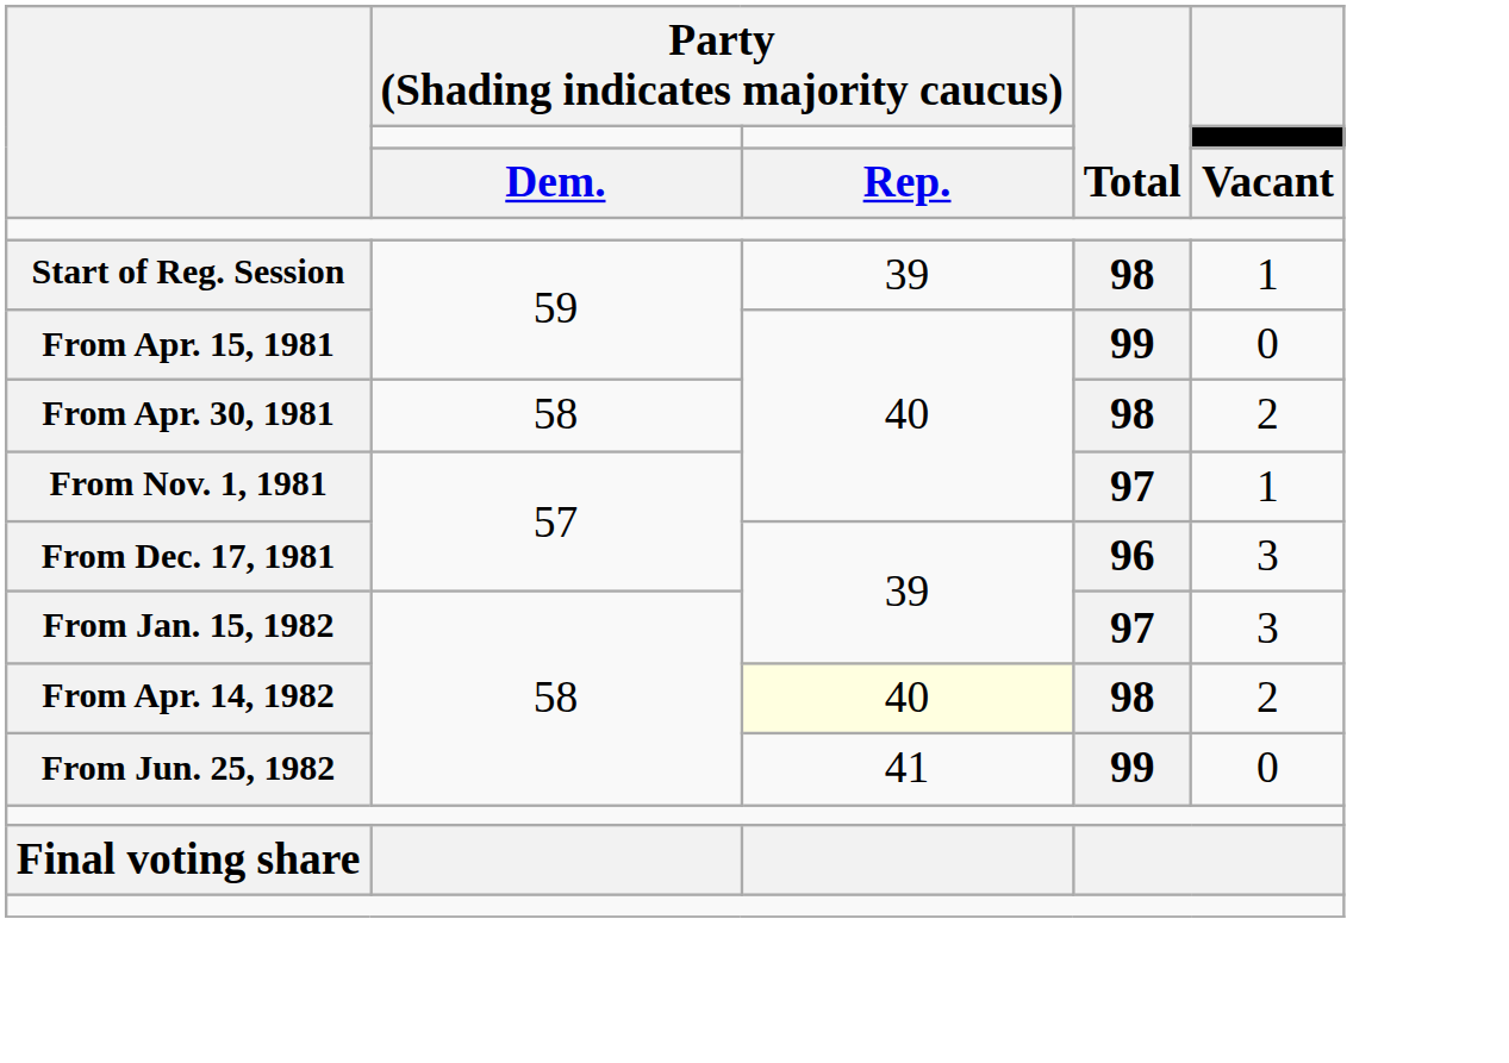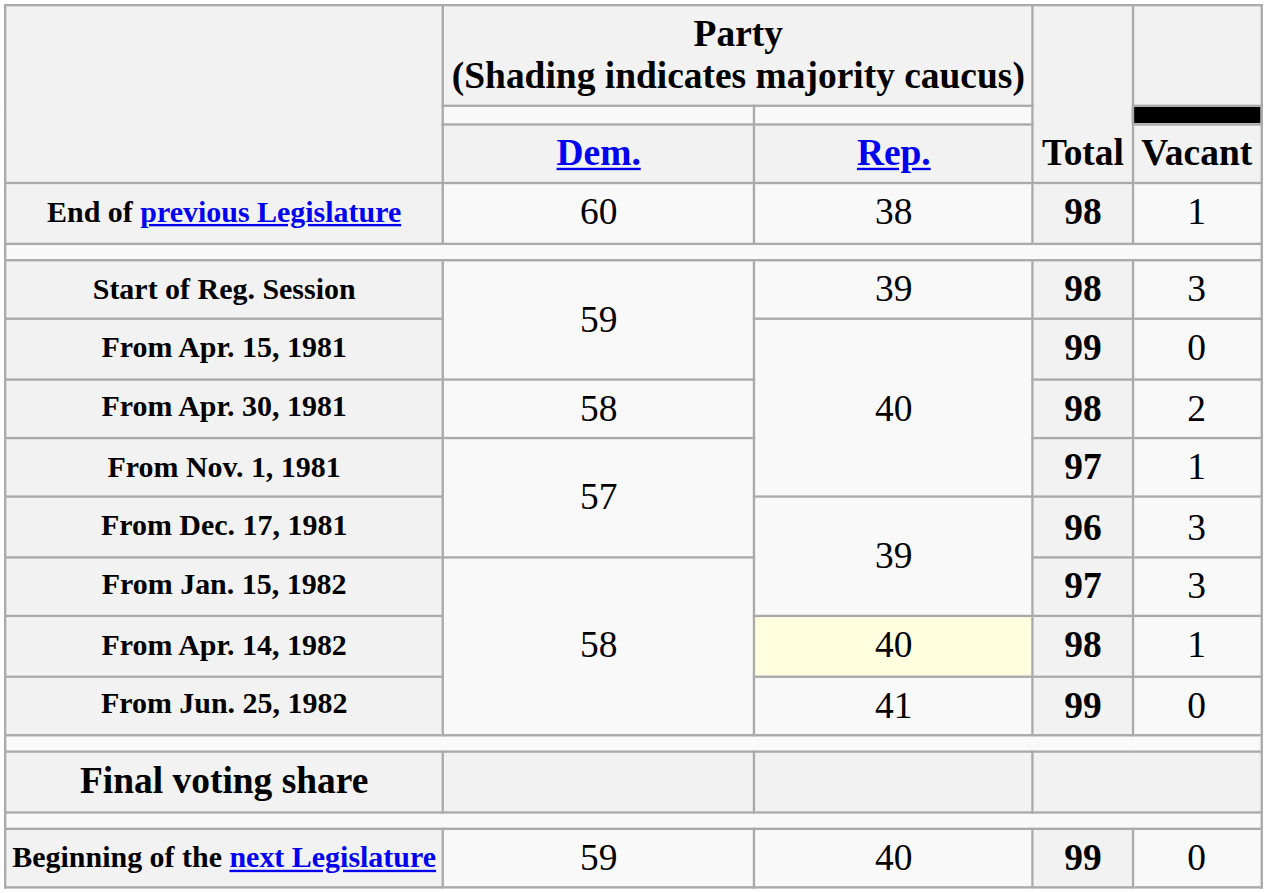 <table class=wikitable style="text-align:center">
 <tr style="vertical-align:bottom;">
 <th rowspan=3></th>
 <th colspan=2>Party <div>(Shading indicates majority caucus)</div></th>
 <th rowspan=3>Total</th>
 <th></th>
 </tr>
 <tr style="height:5px">
 <td style="background-color:"></td>
 <td style="background-color:"></td>
 <td style="background:black;"></td>
 </tr>
 <tr>
 <th><a href='#'>Dem.</a></th>
 <th><a href='#'>Rep.</a></th>
 <th>Vacant</th>
 </tr>
 <tr>
+<th style="font-size:80%;">End of <a href='#'>previous Legislature</a></th>
+<td>60</td>
+<td>38</td>
+<th>98</th>
+<td>1</td>
+</tr>
+<tr>
 <td colspan=5></td>
 </tr>
 <tr>
 <th style="font-size:80%;">Start of Reg. Session</th>
 <td rowspan="2" >59</td>
 <td>39</td>
 <th>98</th>
-<td>1</td>
+<td>3</td>
 </tr>
 <tr>
 <th style="font-size:80%;">From Apr. 15, 1981</th>
 <td rowspan="3">40</td>
 <th>99</th>
 <td>0</td>
 </tr>
 <tr>
 <th style="font-size:80%;">From Apr. 30, 1981</th>
 <td>58</td>
 <th>98</th>
 <td>2</td>
 </tr>
 <tr>
 <th style="font-size:80%;">From Nov. 1, 1981</th>
 <td rowspan="2" >57</td>
 <th>97</th>
 <td>1</td>
 </tr>
 <tr>
 <th style="font-size:80%;">From Dec. 17, 1981</th>
 <td rowspan="2">39</td>
 <th>96</th>
 <td>3</td>
 </tr>
 <tr>
 <th style="font-size:80%;">From Jan. 15, 1982</th>
 <td rowspan="3" >58</td>
 <th>97</th>
 <td>3</td>
 </tr>
 <tr>
 <th style="font-size:80%;">From Apr. 14, 1982</th>
 <td style="background: lightyellow;">40</td>
 <th>98</th>
-<td>2</td>
+<td>1</td>
 </tr>
 <tr>
 <th style="font-size:80%;">From Jun. 25, 1982</th>
 <td>41</td>
 <th>99</th>
 <td>0</td>
 </tr>
 <tr>
 <td colspan=5></td>
 </tr>
 <tr>
 <th>Final voting share</th>
 <th></th>
 <th></th>
 <th colspan=2></th>
 </tr>
 <tr>
 <td colspan=5></td>
 </tr>
+<tr>
+<th style="font-size:80%;">Beginning of the <a href='#'>next Legislature</a></th>
+<td>59</td>
+<td>40</td>
+<th>99</th>
+<td>0</td>
+</tr>
 </table>
